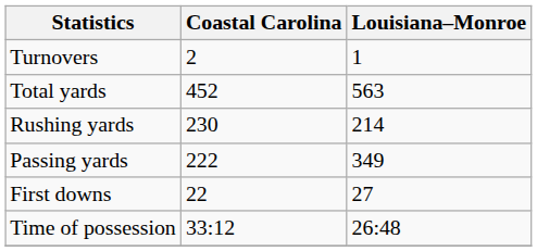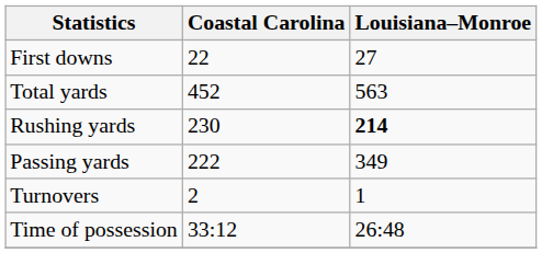 <table class="wikitable" style="float: right;">
 <tr>
 <th>Statistics</th>
 <th>Coastal Carolina</th>
 <th>Louisiana–Monroe</th>
 </tr>
 <tr>
-<td>Turnovers</td>
-<td>2</td>
-<td>1</td>
+<td>First downs</td>
+<td>22</td>
+<td>27</td>
 </tr>
 <tr>
 <td>Total yards</td>
 <td>452</td>
 <td>563</td>
 </tr>
 <tr>
 <td>Rushing yards</td>
 <td>230</td>
-<td>214</td>
+<td><strong>214</strong></td>
 </tr>
 <tr>
 <td>Passing yards</td>
 <td>222</td>
 <td>349</td>
 </tr>
 <tr>
-<td>First downs</td>
-<td>22</td>
-<td>27</td>
+<td>Turnovers</td>
+<td>2</td>
+<td>1</td>
 </tr>
 <tr>
 <td>Time of possession</td>
 <td>33:12</td>
 <td>26:48</td>
 </tr>
 <tr>
 </tr>
 </table>
